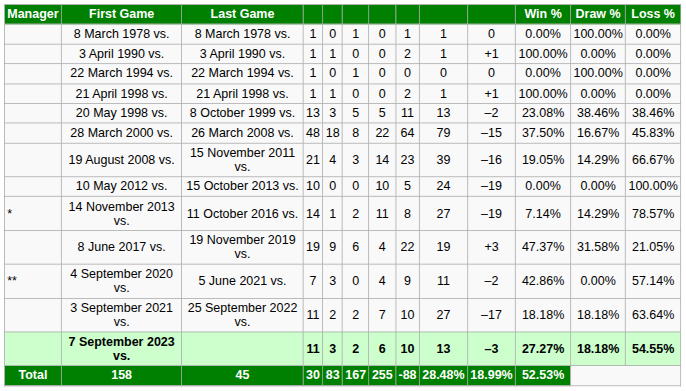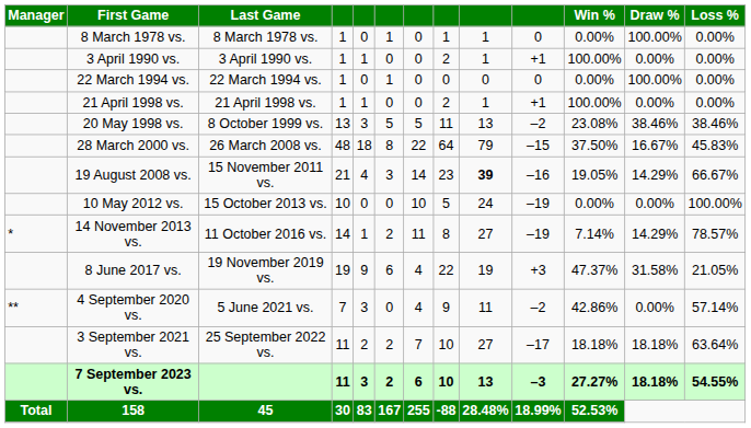 <table class="wikitable sortable" style="text-align:center">
 <tr>
 <th style="background-color:#008000; color:white; ">Manager</th>
 <th style="background-color:#008000; color:white; ">First Game</th>
 <th style="background-color:#008000; color:white; ">Last Game</th>
 <th style="background-color:#008000; color:white; "></th>
 <th style="background-color:#008000; color:white; "></th>
 <th style="background-color:#008000; color:white; "></th>
 <th style="background-color:#008000; color:white; "></th>
 <th style="background-color:#008000; color:white; "></th>
 <th style="background-color:#008000; color:white; "></th>
 <th style="background-color:#008000; color:white; "></th>
 <th style="background-color:#008000; color:white; ">Win %</th>
 <th style="background-color:#008000; color:white; ">Draw %</th>
 <th style="background-color:#008000; color:white; ">Loss %</th>
 </tr>
 <tr>
 <td style="text-align: left;"> </td>
 <td>8 March 1978 vs. </td>
 <td>8 March 1978 vs. </td>
 <td>1</td>
 <td>0</td>
 <td>1</td>
 <td>0</td>
 <td>1</td>
 <td>1</td>
 <td>0</td>
 <td>0.00%</td>
 <td>100.00%</td>
 <td>0.00%</td>
 </tr>
 <tr>
 <td style="text-align: left;"> </td>
 <td>3 April 1990 vs. </td>
 <td>3 April 1990 vs. </td>
 <td>1</td>
 <td>1</td>
 <td>0</td>
 <td>0</td>
 <td>2</td>
 <td>1</td>
 <td>+1</td>
 <td>100.00%</td>
 <td>0.00%</td>
 <td>0.00%</td>
 </tr>
 <tr>
 <td style="text-align: left;"> </td>
 <td>22 March 1994 vs. </td>
 <td>22 March 1994 vs. </td>
 <td>1</td>
 <td>0</td>
 <td>1</td>
 <td>0</td>
 <td>0</td>
 <td>0</td>
 <td>0</td>
 <td>0.00%</td>
 <td>100.00%</td>
 <td>0.00%</td>
 </tr>
 <tr>
 <td style="text-align: left;"> </td>
 <td>21 April 1998 vs. </td>
 <td>21 April 1998 vs. </td>
 <td>1</td>
 <td>1</td>
 <td>0</td>
 <td>0</td>
 <td>2</td>
 <td>1</td>
 <td>+1</td>
 <td>100.00%</td>
 <td>0.00%</td>
 <td>0.00%</td>
 </tr>
 <tr>
 <td style="text-align: left;"> </td>
 <td>20 May 1998 vs. </td>
 <td>8 October 1999 vs. </td>
 <td>13</td>
 <td>3</td>
 <td>5</td>
 <td>5</td>
 <td>11</td>
 <td>13</td>
 <td>–2</td>
 <td>23.08%</td>
 <td>38.46%</td>
 <td>38.46%</td>
 </tr>
 <tr>
 <td style="text-align: left;"> </td>
 <td>28 March 2000 vs. </td>
 <td>26 March 2008 vs. </td>
 <td>48</td>
 <td>18</td>
 <td>8</td>
 <td>22</td>
 <td>64</td>
 <td>79</td>
 <td>–15</td>
 <td>37.50%</td>
 <td>16.67%</td>
 <td>45.83%</td>
 </tr>
 <tr>
 <td style="text-align: left;"> </td>
 <td>19 August 2008 vs. </td>
 <td>15 November 2011 vs. </td>
 <td>21</td>
 <td>4</td>
 <td>3</td>
 <td>14</td>
 <td>23</td>
-<td>39</td>
+<td><strong>39</strong></td>
 <td>–16</td>
 <td>19.05%</td>
 <td>14.29%</td>
 <td>66.67%</td>
 </tr>
 <tr>
 <td style="text-align: left;"> </td>
 <td>10 May 2012 vs. </td>
 <td>15 October 2013 vs. </td>
 <td>10</td>
 <td>0</td>
 <td>0</td>
 <td>10</td>
 <td>5</td>
 <td>24</td>
 <td>–19</td>
 <td>0.00%</td>
 <td>0.00%</td>
 <td>100.00%</td>
 </tr>
 <tr>
 <td style="text-align: left;"> *</td>
 <td>14 November 2013 vs. </td>
 <td>11 October 2016 vs. </td>
 <td>14</td>
 <td>1</td>
 <td>2</td>
 <td>11</td>
 <td>8</td>
 <td>27</td>
 <td>–19</td>
 <td>7.14%</td>
 <td>14.29%</td>
 <td>78.57%</td>
 </tr>
 <tr>
 <td style="text-align: left;"> </td>
 <td>8 June 2017 vs. </td>
 <td>19 November 2019 vs. </td>
 <td>19</td>
 <td>9</td>
 <td>6</td>
 <td>4</td>
 <td>22</td>
 <td>19</td>
 <td>+3</td>
 <td>47.37%</td>
 <td>31.58%</td>
 <td>21.05%</td>
 </tr>
 <tr>
 <td style="text-align: left;"> **</td>
 <td>4 September 2020 vs. </td>
 <td>5 June 2021 vs. </td>
 <td>7</td>
 <td>3</td>
 <td>0</td>
 <td>4</td>
 <td>9</td>
 <td>11</td>
 <td>–2</td>
 <td>42.86%</td>
 <td>0.00%</td>
 <td>57.14%</td>
 </tr>
 <tr>
 <td style="text-align: left;"> </td>
 <td>3 September 2021 vs. </td>
 <td>25 September 2022 vs. </td>
 <td>11</td>
 <td>2</td>
 <td>2</td>
 <td>7</td>
 <td>10</td>
 <td>27</td>
 <td>–17</td>
 <td>18.18%</td>
 <td>18.18%</td>
 <td>63.64%</td>
 </tr>
 <tr bgcolor=#CFC>
 <td style="text-align: left;"> <strong></strong></td>
 <td><strong>7 September 2023 vs. </strong></td>
 <td></td>
 <td><strong>11</strong></td>
 <td><strong>3</strong></td>
 <td><strong>2</strong></td>
 <td><strong>6</strong></td>
 <td><strong>10</strong></td>
 <td><strong>13</strong></td>
 <td><strong>–3</strong></td>
 <td><strong>27.27%</strong></td>
 <td><strong>18.18%</strong></td>
 <td><strong>54.55%</strong></td>
 </tr>
 <tr class="sortbottom">
 <th style="background-color:#008000; color:white; "><strong>Total</strong></th>
 <th style="background-color:#008000; color:white; "><strong>158</strong></th>
 <th style="background-color:#008000; color:white; "><strong>45</strong></th>
 <th style="background-color:#008000; color:white; "><strong>30</strong></th>
 <th style="background-color:#008000; color:white; "><strong>83</strong></th>
 <th style="background-color:#008000; color:white; "><strong>167</strong></th>
 <th style="background-color:#008000; color:white; "><strong>255</strong></th>
 <th style="background-color:#008000; color:white; "><strong>-88</strong></th>
 <th style="background-color:#008000; color:white; "><strong>28.48%</strong></th>
 <th style="background-color:#008000; color:white; "><strong>18.99%</strong></th>
 <th style="background-color:#008000; color:white; "><strong>52.53%</strong></th>
 </tr>
 <tr>
 </tr>
 </table>
